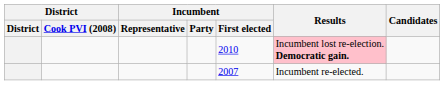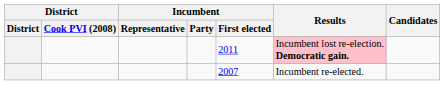 <table class="wikitable sortable">
 <tr>
 <th colspan=2>District</th>
 <th colspan=3>Incumbent</th>
 <th rowspan=2>Results</th>
 <th rowspan=2>Candidates</th>
 </tr>
 <tr valign=bottom>
 <th>District</th>
 <th><a href='#'>Cook PVI</a> (2008)</th>
 <th>Representative</th>
 <th>Party</th>
 <th>First elected</th>
 </tr>
 <tr>
 <th></th>
 <td></td>
 <td></td>
 <td></td>
-<td><a href='#'>2010 </a></td>
+<td><a href='#'>2011 </a></td>
 <td style="background: pink;">Incumbent lost re-election.<br><strong>Democratic gain.</strong></td>
 <td nowrap></td>
 </tr>
 <tr>
 <th></th>
 <td></td>
 <td></td>
 <td></td>
 <td><a href='#'>2007</a></td>
 <td>Incumbent re-elected.</td>
 <td nowrap></td>
 </tr>
 </table>
